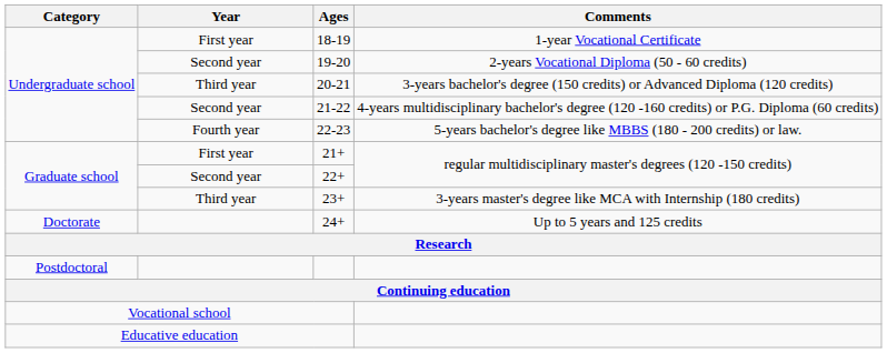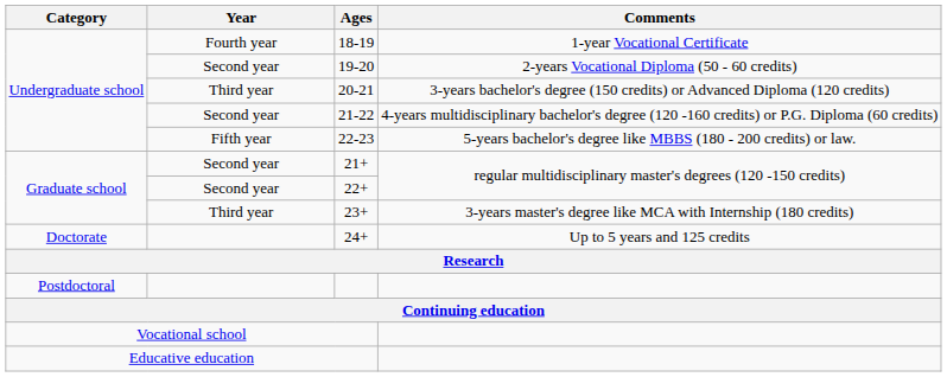 <table class="wikitable sortable" style="margin:auto;text-align:center; align:right">
 <tr>
 <th>Category</th>
 <th style="width:20%">Year</th>
 <th>Ages</th>
 <th>Comments</th>
 </tr>
 <tr>
 <td rowspan="5"><a href='#'>Undergraduate school</a></td>
-<td>First year</td>
+<td>Fourth year</td>
 <td>18-19</td>
 <td>1-year <a href='#'>Vocational Certificate</a></td>
 </tr>
 <tr>
 <td>Second year</td>
 <td>19-20</td>
 <td>2-years <a href='#'>Vocational Diploma</a> (50 - 60 credits)</td>
 </tr>
 <tr>
 <td>Third year</td>
 <td>20-21</td>
 <td>3-years bachelor's degree (150 credits) or Advanced Diploma (120 credits)</td>
 </tr>
 <tr>
 <td>Second year</td>
 <td>21-22</td>
 <td>4-years multidisciplinary bachelor's degree (120 -160 credits) or P.G. Diploma (60 credits)</td>
 </tr>
 <tr>
-<td>Fourth year</td>
+<td>Fifth year</td>
 <td>22-23</td>
 <td>5-years bachelor's degree like <a href='#'>MBBS</a> (180 - 200 credits) or law.</td>
 </tr>
 <tr>
 <td rowspan="3"><a href='#'>Graduate school</a></td>
-<td>First year</td>
+<td>Second year</td>
 <td>21+</td>
 <td rowspan="2">regular multidisciplinary master's degrees (120 -150 credits)</td>
 </tr>
 <tr>
 <td>Second year</td>
 <td>22+</td>
 </tr>
 <tr>
 <td>Third year</td>
 <td>23+</td>
 <td>3-years master's degree like MCA with Internship (180 credits)</td>
 </tr>
 <tr>
 <td><a href='#'>Doctorate</a></td>
 <td></td>
 <td>24+</td>
 <td>Up to 5 years and 125 credits</td>
 </tr>
 <tr>
 <th colspan="4"><a href='#'>Research</a></th>
 </tr>
 <tr>
 <td><a href='#'>Postdoctoral</a></td>
 <td></td>
 <td></td>
 <td></td>
 </tr>
 <tr>
 <th colspan="4"><a href='#'>Continuing education</a></th>
 </tr>
 <tr>
 <td colspan="3"><a href='#'>Vocational school</a></td>
 <td></td>
 </tr>
 <tr>
 <td colspan="3"><a href='#'>Educative education</a></td>
 <td></td>
 </tr>
 </table>
